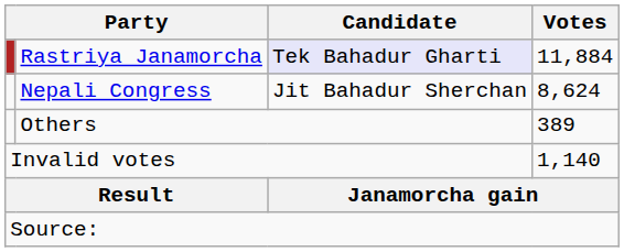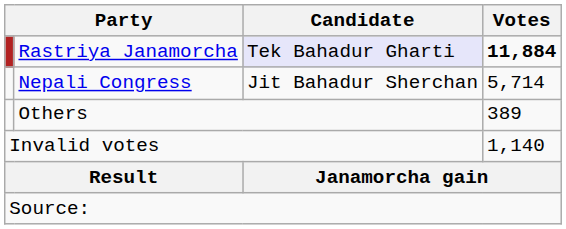 <table class="wikitable">
 <tr>
 <th colspan="2">Party</th>
 <th>Candidate</th>
 <th>Votes</th>
 </tr>
 <tr>
 <td style="background-color:firebrick"></td>
 <td><a href='#'>Rastriya Janamorcha</a></td>
 <td style="background: lavender;">Tek Bahadur Gharti</td>
-<td>11,884</td>
+<td><strong>11,884</strong></td>
 </tr>
 <tr>
 <td style="background-color:"></td>
 <td><a href='#'>Nepali Congress</a></td>
 <td>Jit Bahadur Sherchan</td>
-<td>8,624</td>
+<td>5,714</td>
 </tr>
 <tr>
 <td></td>
 <td colspan="2">Others</td>
 <td>389</td>
 </tr>
 <tr>
 <td colspan="3">Invalid votes</td>
 <td>1,140</td>
 </tr>
 <tr>
 <th colspan="2">Result</th>
 <th colspan="2">Janamorcha gain</th>
 </tr>
 <tr>
 <td colspan="4">Source: </td>
 </tr>
 </table>
